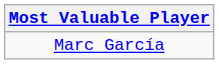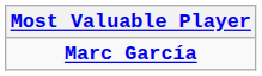 <table class=wikitable style="text-align:center">
 <tr>
 <th><a href='#'>Most Valuable Player</a></th>
 </tr>
 <tr>
-<td> <a href='#'>Marc García</a></td>
+<td><strong> <a href='#'>Marc García</a></strong></td>
 </tr>
 </table>
